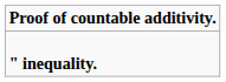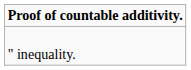 <table role="presentation" class="wikitable mw-collapsible mw-collapsed">
 <tr>
 <td><strong>Proof of countable additivity.</strong></td>
 </tr>
 <tr>
-<td><strong><br>" inequality.</strong></td>
+<td><br>" inequality.</td>
 </tr>
 </table>
